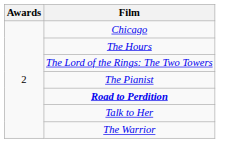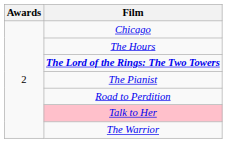 <table class="wikitable" style="text-align:center;">
 <tr>
 <th style="background:">Awards</th>
 <th style="background:">Film</th>
 </tr>
 <tr>
 <td rowspan="7">2</td>
 <td><em><a href='#'>Chicago</a></em></td>
 </tr>
 <tr>
 <td><em><a href='#'>The Hours</a></em></td>
 </tr>
 <tr>
-<td><em><a href='#'>The Lord of the Rings: The Two Towers</a></em></td>
+<td><strong><em><a href='#'>The Lord of the Rings: The Two Towers</a></em></strong></td>
 </tr>
 <tr>
 <td><em><a href='#'>The Pianist</a></em></td>
 </tr>
 <tr>
-<td><strong><em><a href='#'>Road to Perdition</a></em></strong></td>
+<td><em><a href='#'>Road to Perdition</a></em></td>
 </tr>
 <tr>
-<td><em><a href='#'>Talk to Her</a></em></td>
+<td style="background: pink;"><em><a href='#'>Talk to Her</a></em></td>
 </tr>
 <tr>
 <td><em><a href='#'>The Warrior</a></em></td>
 </tr>
 </table>
